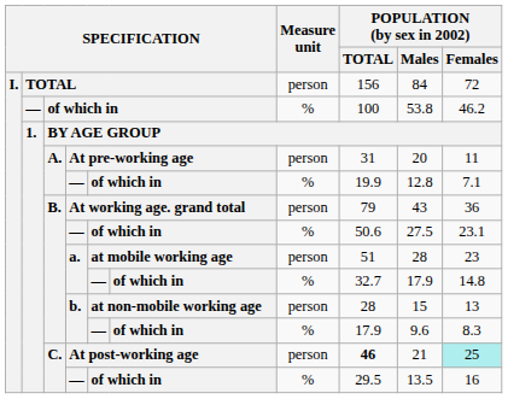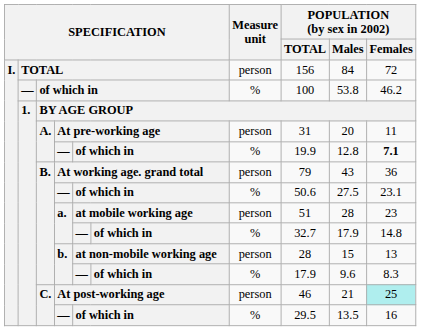 <table class="wikitable" style="font-size:85%; text-align:center">
 <tr>
 <th rowspan="2" colspan="6">SPECIFICATION</th>
 <th rowspan="2">Measure<br> unit</th>
 <th colspan="3" rowspan="1">POPULATION<br> (by sex in 2002)</th>
 </tr>
 <tr>
 <th>TOTAL</th>
 <th>Males</th>
 <th>Females</th>
 </tr>
 <tr>
 <th style="text-align:left" valign="top" rowspan="13">I.</th>
 <th style="text-align:left" colspan="5">TOTAL</th>
 <td>person</td>
 <td>156</td>
 <td>84</td>
 <td>72</td>
 </tr>
 <tr>
 <th style="text-align:left" valign="top">—</th>
 <th style="text-align:left" colspan="4">of which in</th>
 <td>%</td>
 <td>100</td>
 <td>53.8</td>
 <td>46.2</td>
 </tr>
 <tr>
 <th style="text-align:left" valign="top" rowspan="11">1.</th>
 <th style="text-align:left" colspan="19">BY AGE GROUP</th>
 </tr>
 <tr>
 <th style="text-align:left" valign="top" rowspan="2">A.</th>
 <th style="text-align:left" colspan="3">At pre-working age</th>
 <td>person</td>
 <td>31</td>
 <td>20</td>
 <td>11</td>
 </tr>
 <tr>
 <th style="text-align:left" valign="top">—</th>
 <th style="text-align:left" valign="top" colspan="2">of which in</th>
 <td>%</td>
 <td>19.9</td>
 <td>12.8</td>
-<td>7.1</td>
+<td><strong>7.1</strong></td>
 </tr>
 <tr>
 <th style="text-align:left" valign="top" rowspan="6">B.</th>
 <th style="text-align:left" colspan="3">At working age. grand total</th>
 <td>person</td>
 <td>79</td>
 <td>43</td>
 <td>36</td>
 </tr>
 <tr>
 <th style="text-align:left" valign="top">—</th>
 <th style="text-align:left" valign="top" colspan="2">of which in</th>
 <td>%</td>
 <td>50.6</td>
 <td>27.5</td>
 <td>23.1</td>
 </tr>
 <tr>
 <th style="text-align:left" valign="top" rowspan="2">a.</th>
 <th style="text-align:left" colspan="2">at mobile working age</th>
 <td>person</td>
 <td>51</td>
 <td>28</td>
 <td>23</td>
 </tr>
 <tr>
 <th style="text-align:left" valign="top">—</th>
 <th style="text-align:left" valign="top" colspan="1">of which in                        </th>
 <td>%</td>
 <td>32.7</td>
 <td>17.9</td>
 <td>14.8</td>
 </tr>
 <tr>
 <th style="text-align:left" valign="top" rowspan="2">b.</th>
 <th style="text-align:left" colspan="2">at non-mobile working age</th>
 <td>person</td>
 <td>28</td>
 <td>15</td>
 <td>13</td>
 </tr>
 <tr>
 <th style="text-align:left" valign="top">—</th>
 <th style="text-align:left" valign="top" colspan="1">of which in                        </th>
 <td>%</td>
 <td>17.9</td>
 <td>9.6</td>
 <td>8.3</td>
 </tr>
 <tr>
 <th style="text-align:left" valign="top" rowspan="2">C.</th>
 <th style="text-align:left" colspan="3">At post-working age</th>
 <td>person</td>
-<td><strong>46</strong></td>
+<td>46</td>
 <td>21</td>
 <td style="background: paleturquoise;">25</td>
 </tr>
 <tr>
 <th style="text-align:left" valign="top">—</th>
 <th style="text-align:left" valign="top" colspan="2">of which in</th>
 <td>%</td>
 <td>29.5</td>
 <td>13.5</td>
 <td>16</td>
 </tr>
 </table>
